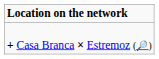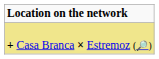 <table role="presentation" class="wikitable mw-collapsible mw-collapsed floatright">
 <tr>
 <td><strong>Location on the network</strong></td>
 </tr>
 <tr>
-<td><br><span><strong>+</strong> <a href='#'>Casa Branca</a></span> <span><strong>×</strong> <a href='#'>Estremoz</a></span> <small>(<a href='#'>🔎</a>)</small></td>
+<td style="background: khaki;"><br><span><strong>+</strong> <a href='#'>Casa Branca</a></span> <span><strong>×</strong> <a href='#'>Estremoz</a></span> <small>(<a href='#'>🔎</a>)</small></td>
 </tr>
 </table>
